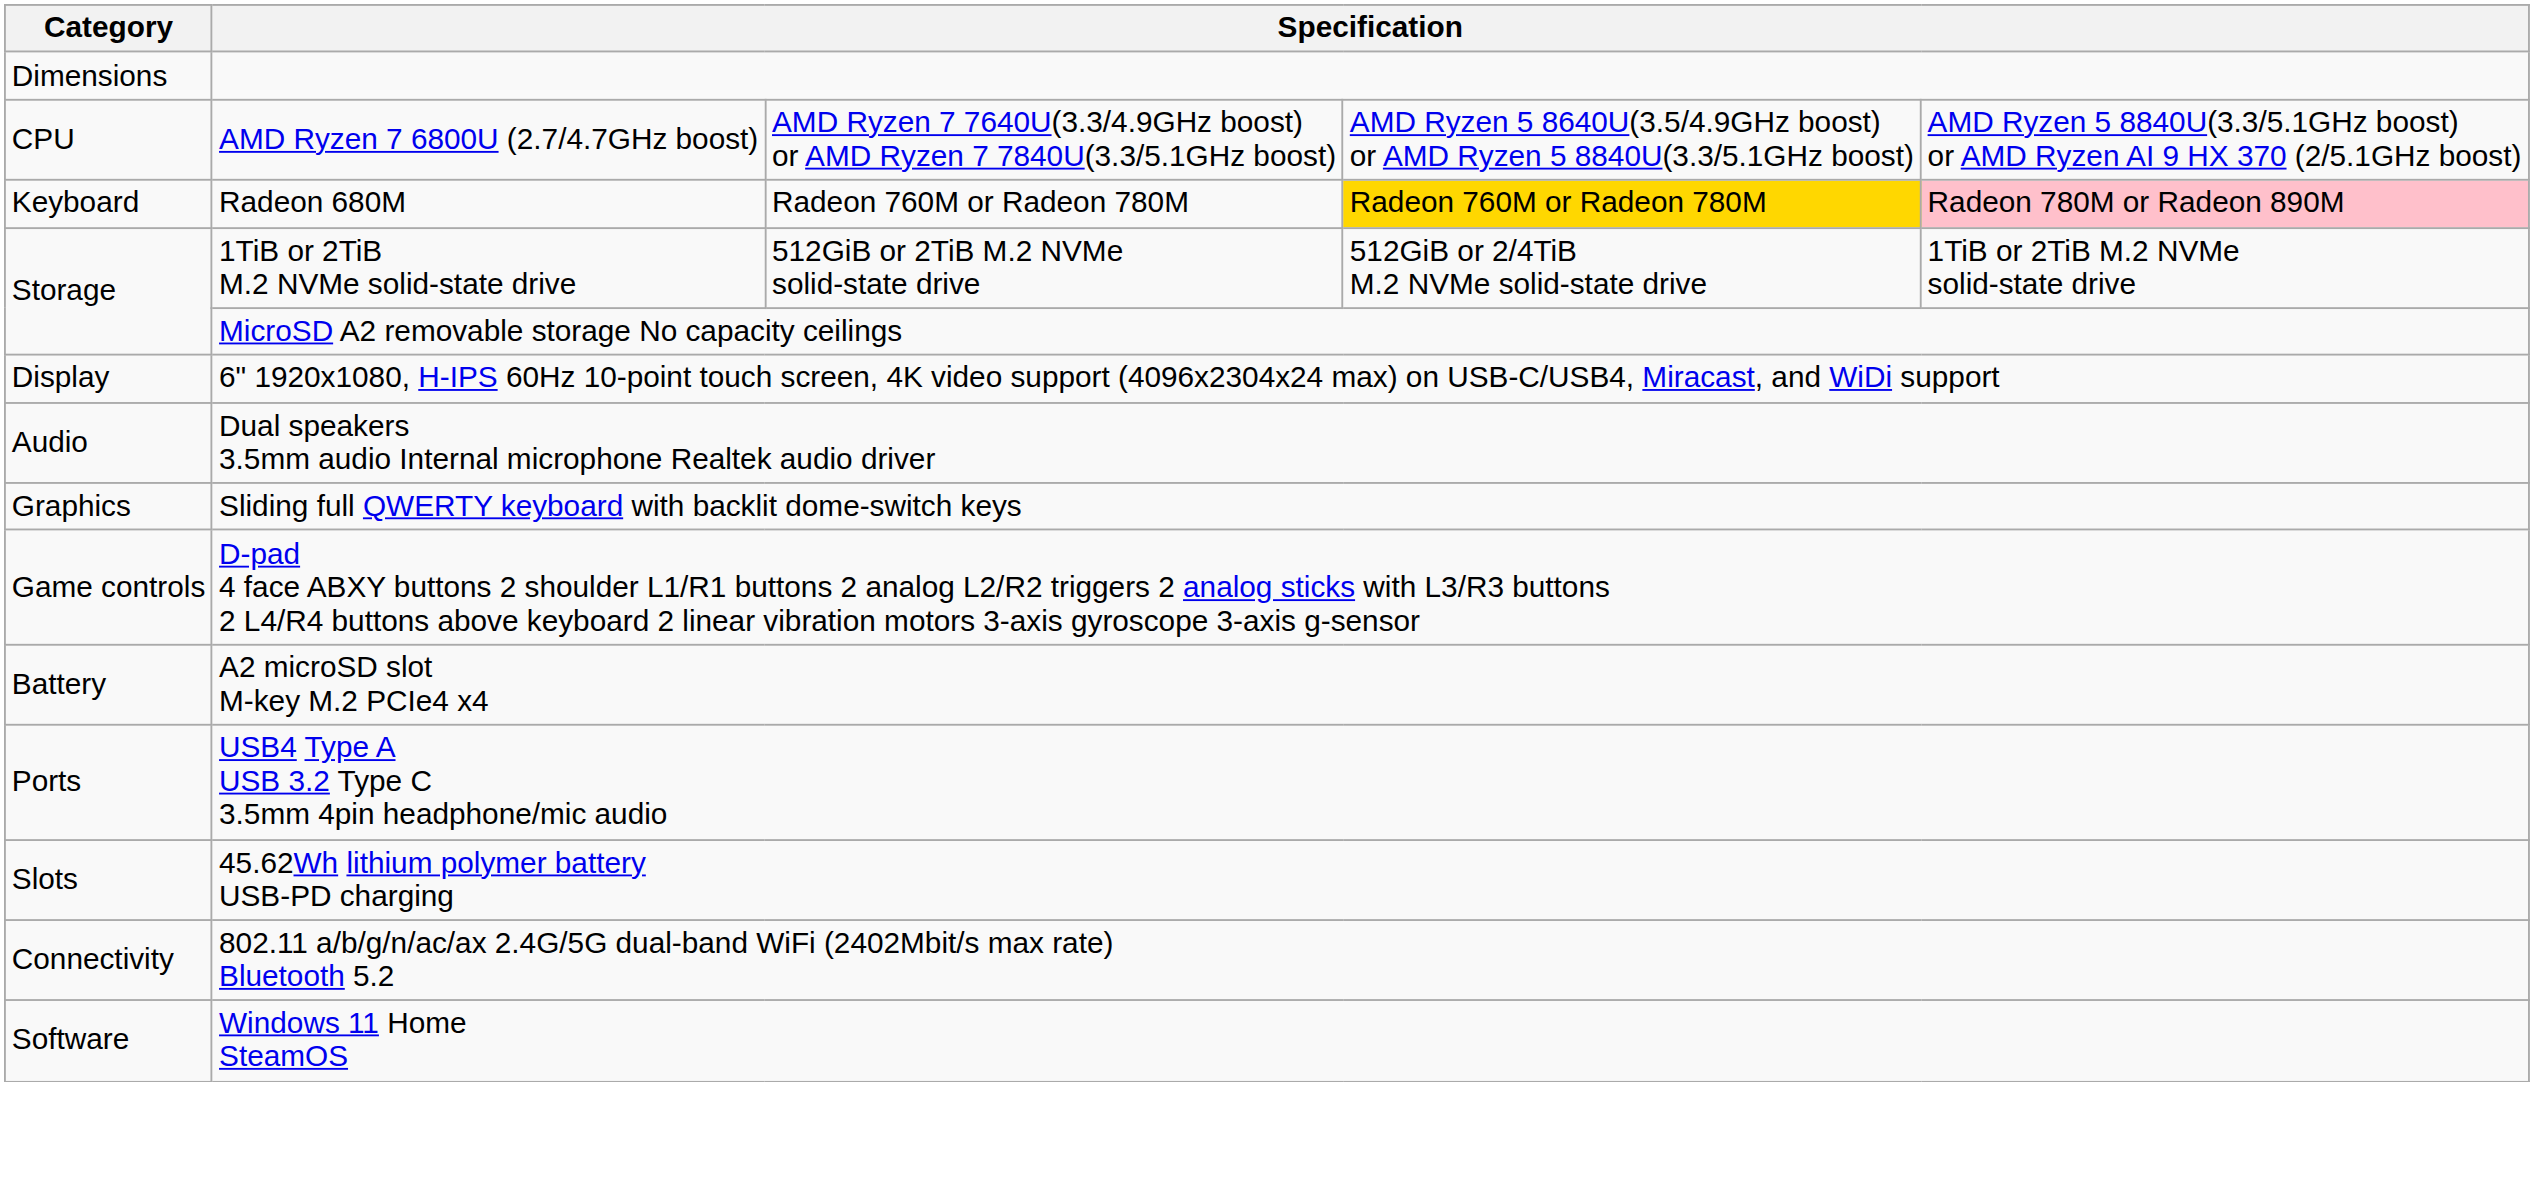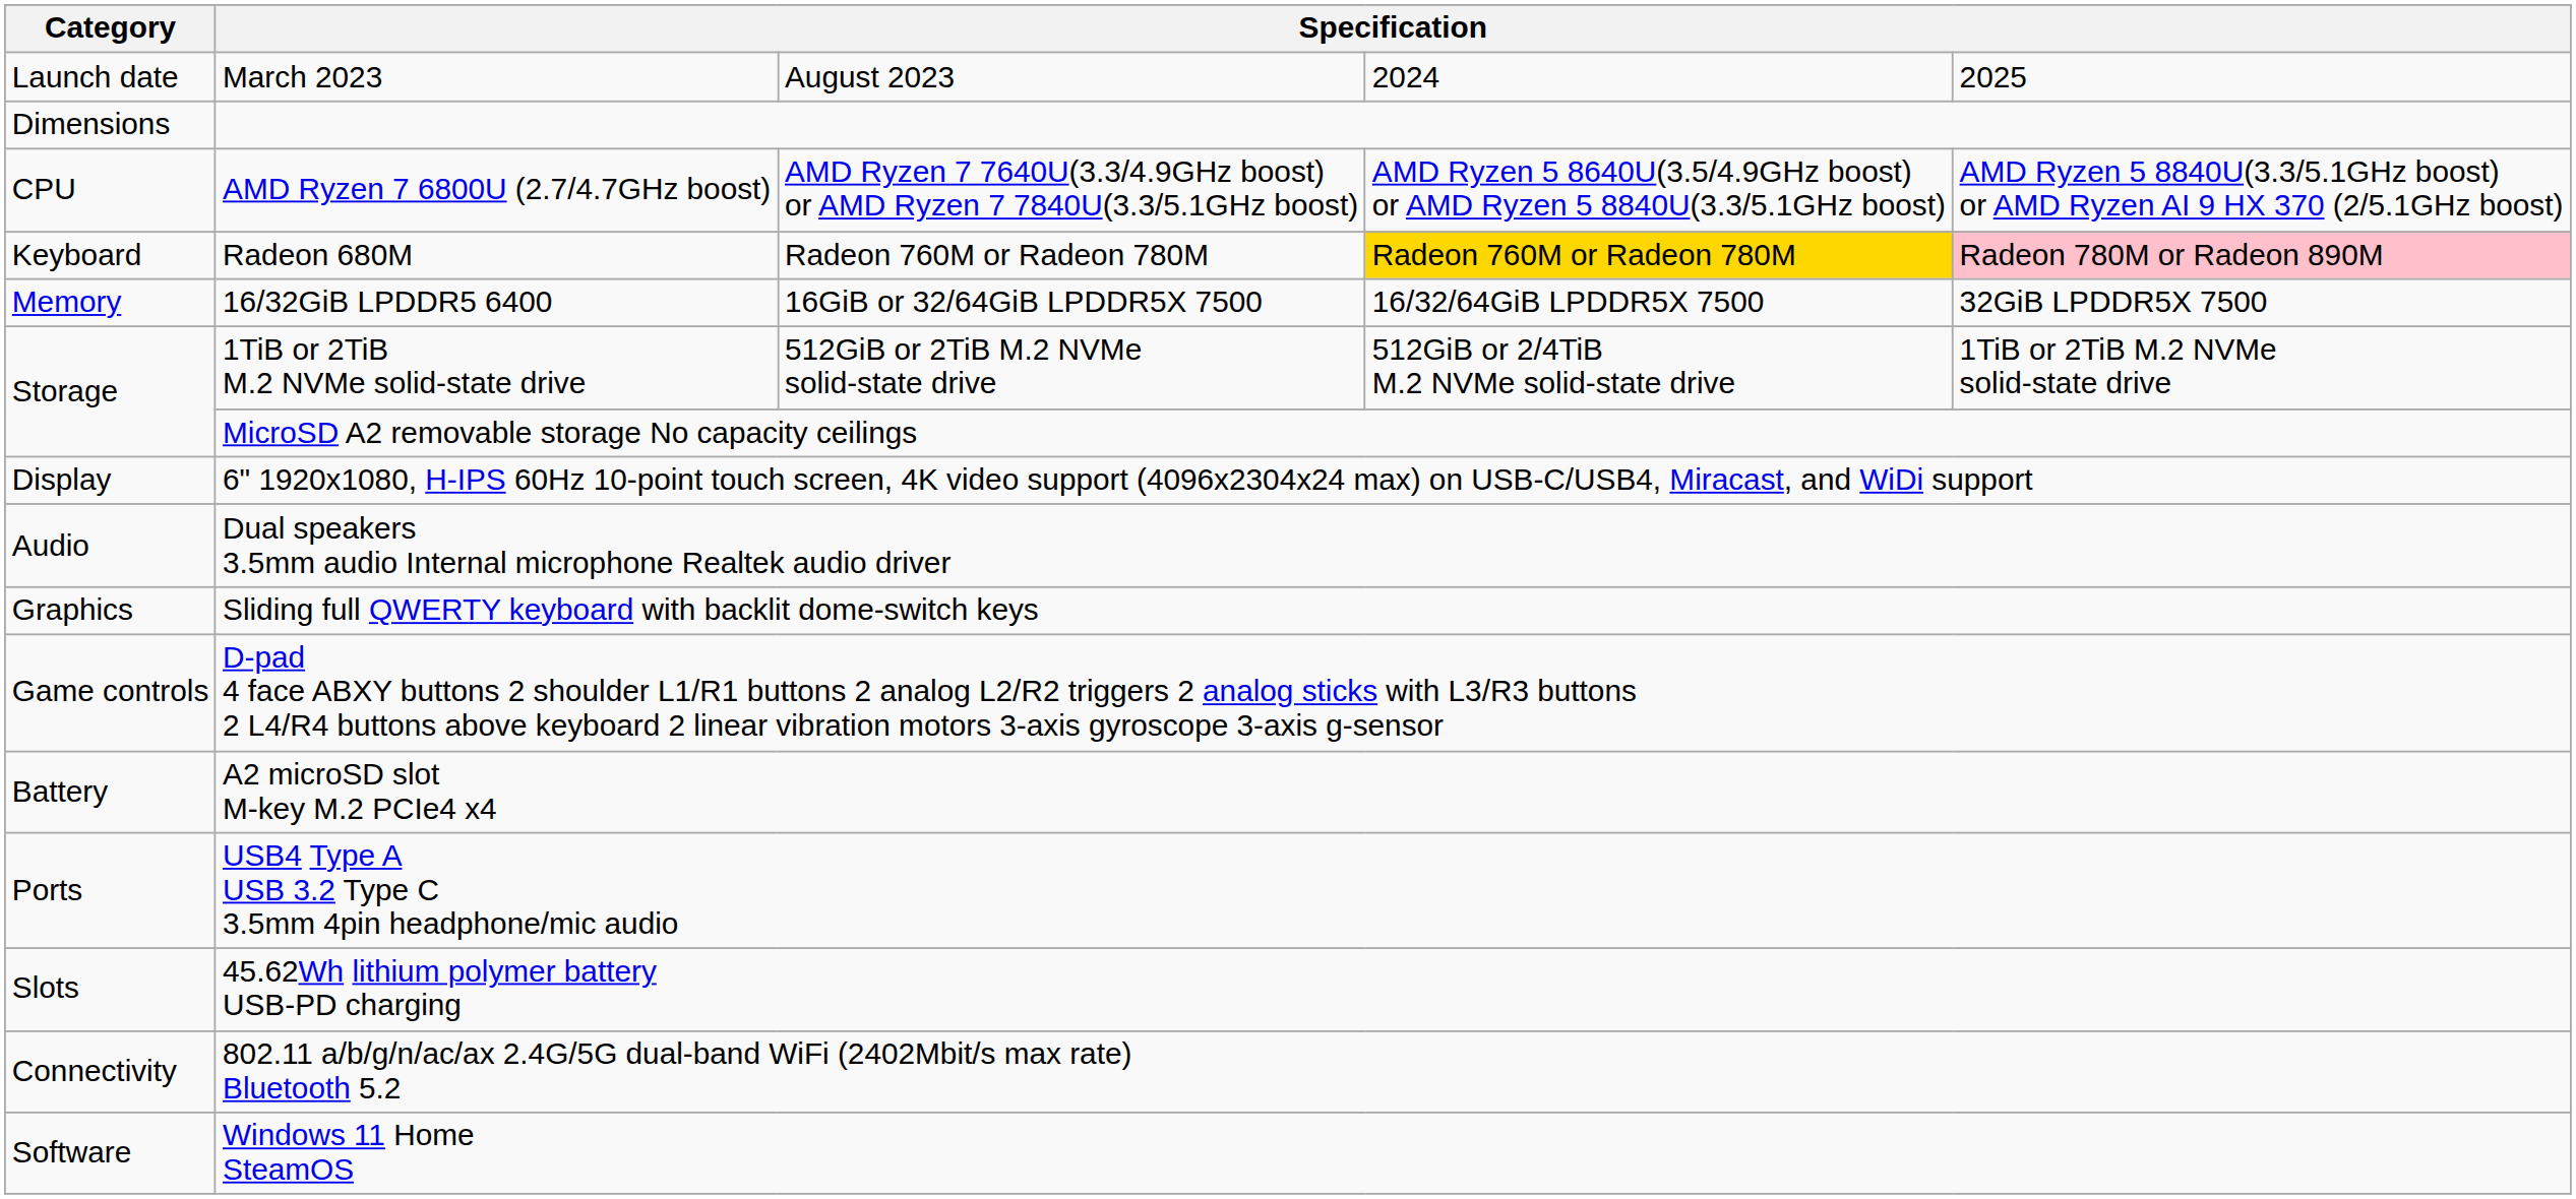 <table class="wikitable defaultcenter">
 <tr>
 <th>Category</th>
 <th colspan="4">Specification</th>
+</tr>
+<tr>
+<td>Launch date</td>
+<td>March 2023</td>
+<td>August 2023</td>
+<td>2024</td>
+<td>2025</td>
 </tr>
 <tr>
 <td>Dimensions</td>
 <td colspan="4"><br></td>
 </tr>
 <tr>
 <td>CPU</td>
 <td><a href='#'>AMD Ryzen 7 6800U</a> (2.7/4.7GHz boost)</td>
 <td><a href='#'>AMD Ryzen 7 7640U</a>(3.3/4.9GHz boost)<br>or <a href='#'>AMD Ryzen 7 7840U</a>(3.3/5.1GHz boost)</td>
 <td><a href='#'>AMD Ryzen 5 8640U</a>(3.5/4.9GHz boost)<br>or <a href='#'>AMD Ryzen 5 8840U</a>(3.3/5.1GHz boost)</td>
 <td><a href='#'>AMD Ryzen 5 8840U</a>(3.3/5.1GHz boost)<br>or  <a href='#'>AMD Ryzen AI 9 HX 370</a> (2/5.1GHz boost)</td>
 </tr>
 <tr>
 <td>Keyboard</td>
 <td>Radeon 680M</td>
 <td>Radeon 760M or Radeon 780M</td>
 <td style="background: gold;">Radeon 760M or Radeon 780M</td>
 <td style="background: pink;">Radeon 780M or Radeon 890M</td>
+</tr>
+<tr>
+<td><a href='#'> Memory</a></td>
+<td>16/32GiB LPDDR5 6400</td>
+<td>16GiB or 32/64GiB LPDDR5X 7500</td>
+<td>16/32/64GiB LPDDR5X 7500</td>
+<td>32GiB LPDDR5X 7500</td>
 </tr>
 <tr>
 <td rowspan="2">Storage</td>
 <td>1TiB or 2TiB<br>M.2 NVMe  solid-state drive</td>
 <td>512GiB or 2TiB M.2 NVMe<br>solid-state drive</td>
 <td>512GiB or 2/4TiB<br>M.2 NVMe  solid-state drive</td>
 <td>1TiB or 2TiB M.2 NVMe<br>solid-state drive</td>
 </tr>
 <tr>
 <td colspan="4"><a href='#'>MicroSD</a> A2 removable storage No capacity ceilings</td>
 </tr>
 <tr>
 <td>Display</td>
 <td colspan="4">6" 1920x1080, <a href='#'>H-IPS</a> 60Hz 10-point touch screen, 4K video support (4096x2304x24 max) on USB-C/USB4, <a href='#'>Miracast</a>, and <a href='#'>WiDi</a> support</td>
 </tr>
 <tr>
 <td>Audio</td>
 <td colspan="4">Dual speakers<br>3.5mm audio Internal microphone Realtek audio driver</td>
 </tr>
 <tr>
 <td>Graphics</td>
 <td colspan="4">Sliding full <a href='#'>QWERTY keyboard</a> with backlit dome-switch keys</td>
 </tr>
 <tr>
 <td>Game controls</td>
 <td colspan="4"><a href='#'>D-pad</a><br>4 face ABXY buttons 2 shoulder L1/R1 buttons 2 analog L2/R2 triggers 2 <a href='#'>analog sticks</a> with L3/R3 buttons<br>2 L4/R4 buttons above keyboard 2 linear vibration motors 3-axis gyroscope 3-axis g-sensor</td>
 </tr>
 <tr>
 <td>Battery</td>
 <td colspan="4">A2 microSD slot<br>M-key M.2 PCIe4 x4</td>
 </tr>
 <tr>
 <td>Ports</td>
 <td colspan="4"><a href='#'>USB4</a> <a href='#'>Type A</a><br><a href='#'>USB 3.2</a> Type C<br>3.5mm 4pin headphone/mic audio</td>
 </tr>
 <tr>
 <td>Slots</td>
 <td colspan="4">45.62<a href='#'>Wh</a> <a href='#'>lithium polymer battery</a><br>USB-PD charging</td>
 </tr>
 <tr>
 <td>Connectivity</td>
 <td colspan="4">802.11 a/b/g/n/ac/ax 2.4G/5G dual-band WiFi (2402Mbit/s max rate)<br><a href='#'>Bluetooth</a> 5.2</td>
 </tr>
 <tr>
 <td>Software</td>
 <td colspan="4"><a href='#'>Windows 11</a> Home<br><a href='#'>SteamOS</a></td>
 </tr>
 </table>
